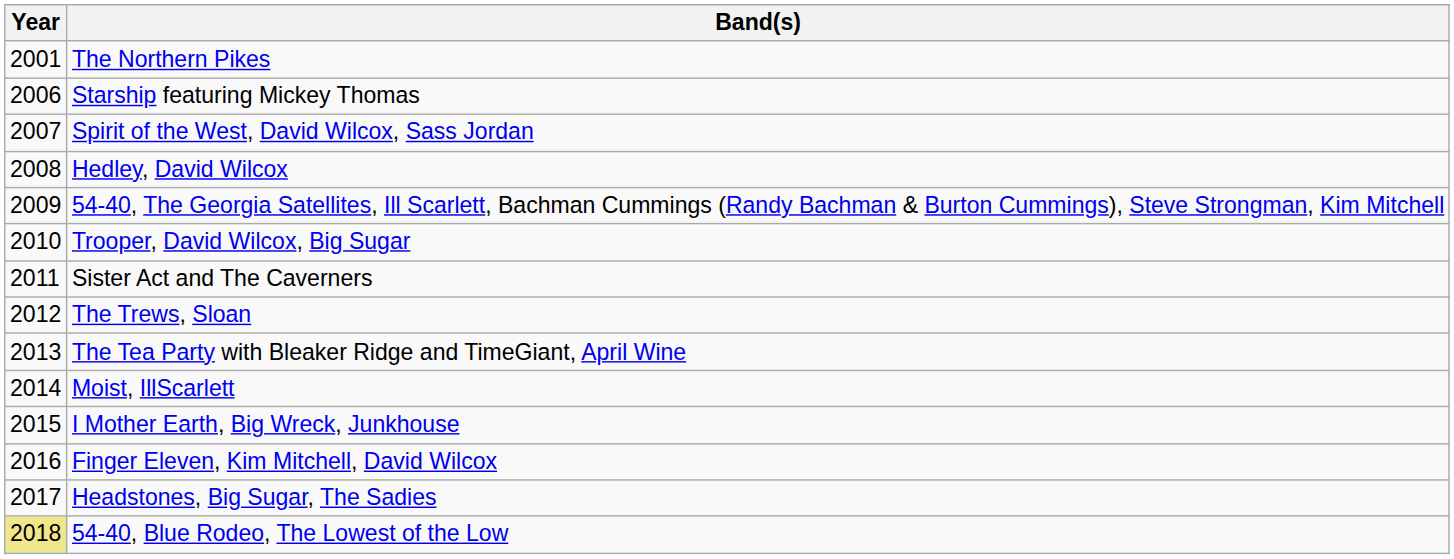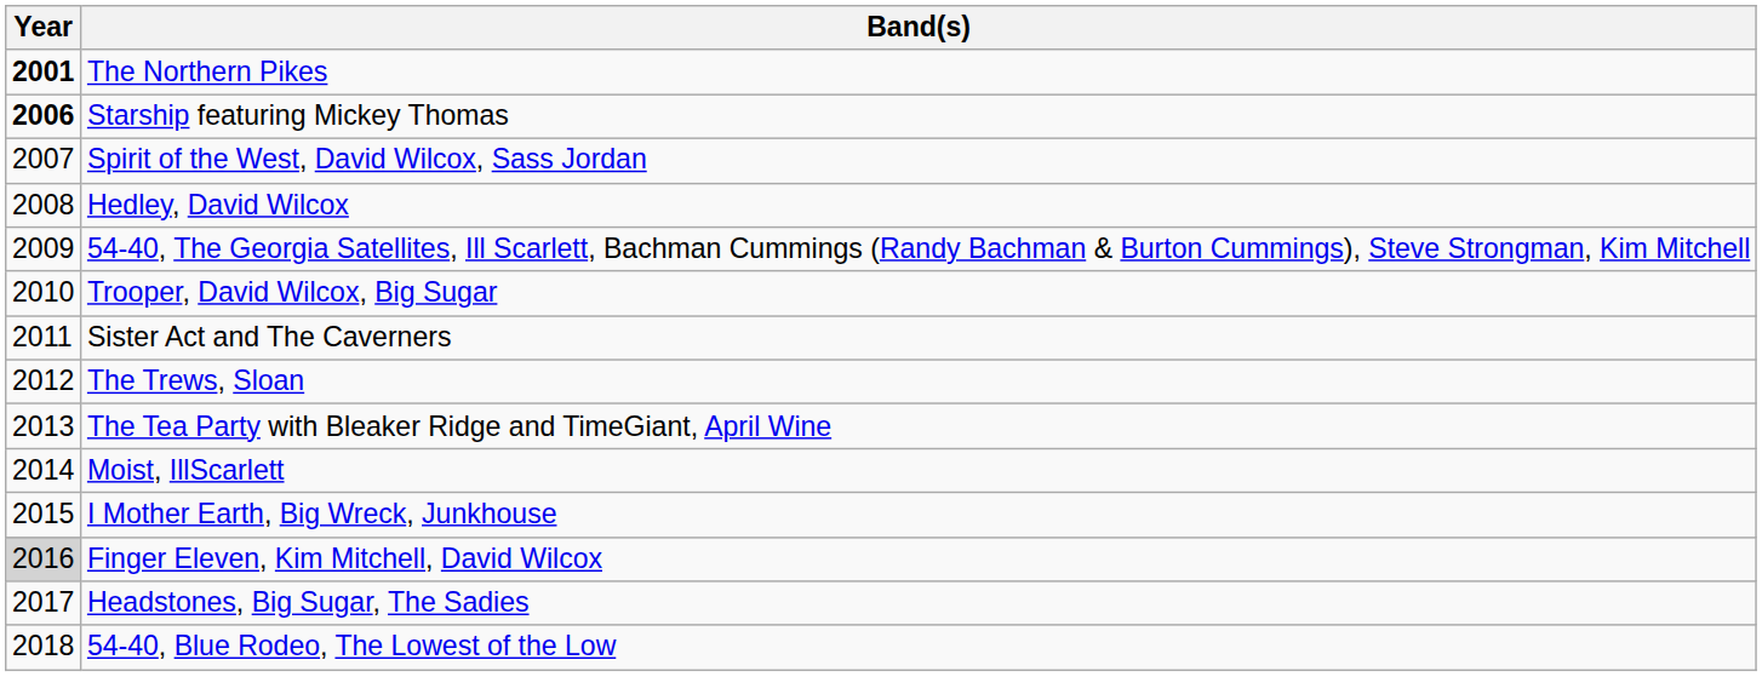 <table class="wikitable">
 <tr>
 <th>Year</th>
 <th>Band(s)</th>
 </tr>
 <tr>
-<td>2001</td>
+<td><strong>2001</strong></td>
 <td><a href='#'>The Northern Pikes</a></td>
 </tr>
 <tr>
-<td>2006</td>
+<td><strong>2006</strong></td>
 <td><a href='#'>Starship</a> featuring Mickey Thomas</td>
 </tr>
 <tr>
 <td>2007</td>
 <td><a href='#'>Spirit of the West</a>, <a href='#'>David Wilcox</a>, <a href='#'>Sass Jordan</a></td>
 </tr>
 <tr>
 <td>2008</td>
 <td><a href='#'>Hedley</a>, <a href='#'>David Wilcox</a></td>
 </tr>
 <tr>
 <td>2009</td>
 <td><a href='#'>54-40</a>, <a href='#'>The Georgia Satellites</a>, <a href='#'>Ill Scarlett</a>, Bachman Cummings (<a href='#'>Randy Bachman</a> & <a href='#'>Burton Cummings</a>), <a href='#'>Steve Strongman</a>, <a href='#'>Kim Mitchell</a></td>
 </tr>
 <tr>
 <td>2010</td>
 <td><a href='#'>Trooper</a>, <a href='#'>David Wilcox</a>, <a href='#'>Big Sugar</a></td>
 </tr>
 <tr>
 <td>2011</td>
 <td Bleaker Ridge, Whale Tooth and >Sister Act and The Caverners</td>
 </tr>
 <tr>
 <td>2012</td>
 <td><a href='#'>The Trews</a>, <a href='#'>Sloan</a></td>
 </tr>
 <tr>
 <td>2013</td>
 <td><a href='#'>The Tea Party</a> with Bleaker Ridge and TimeGiant, <a href='#'>April Wine</a></td>
 </tr>
 <tr>
 <td>2014</td>
 <td><a href='#'>Moist</a>, <a href='#'>IllScarlett</a></td>
 </tr>
 <tr>
 <td>2015</td>
 <td><a href='#'>I Mother Earth</a>, <a href='#'>Big Wreck</a>, <a href='#'>Junkhouse</a></td>
 </tr>
 <tr>
-<td>2016</td>
+<td style="background: lightgrey;">2016</td>
 <td><a href='#'>Finger Eleven</a>, <a href='#'>Kim Mitchell</a>, <a href='#'>David Wilcox</a></td>
 </tr>
 <tr>
 <td>2017</td>
 <td><a href='#'>Headstones</a>, <a href='#'>Big Sugar</a>, <a href='#'>The Sadies</a></td>
 </tr>
 <tr>
-<td style="background: khaki;">2018</td>
+<td>2018</td>
 <td><a href='#'>54-40</a>, <a href='#'>Blue Rodeo</a>, <a href='#'>The Lowest of the Low</a></td>
 </tr>
 </table>
